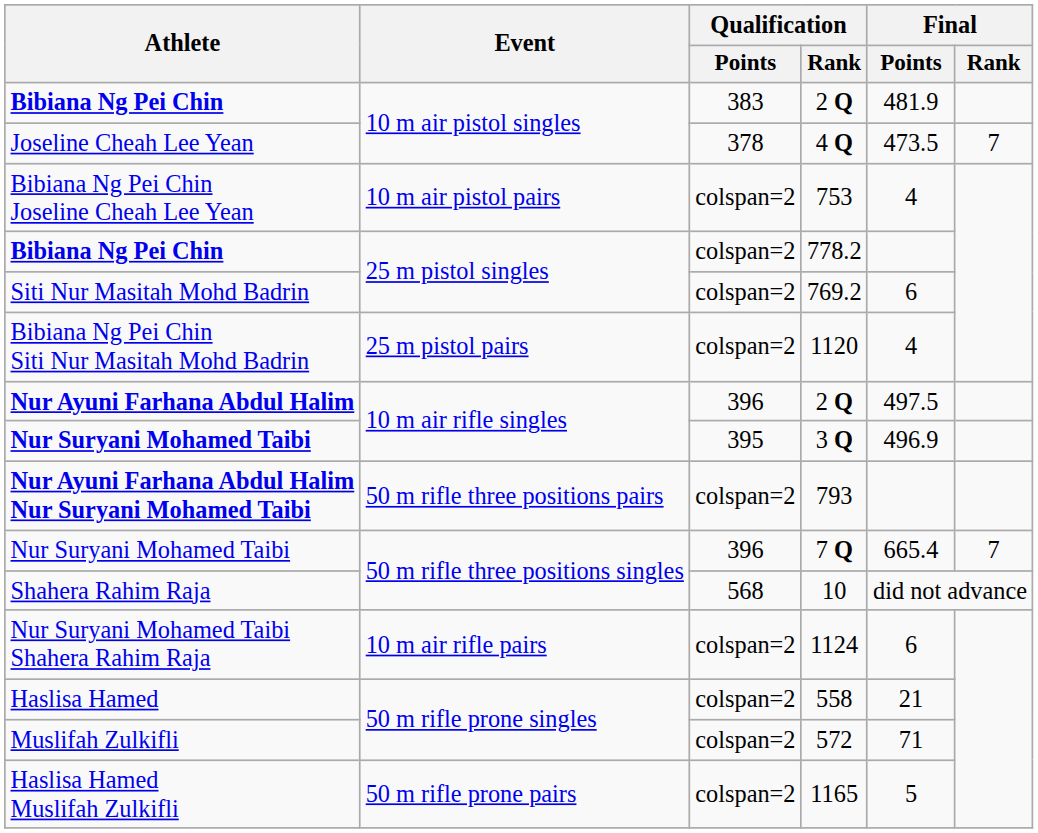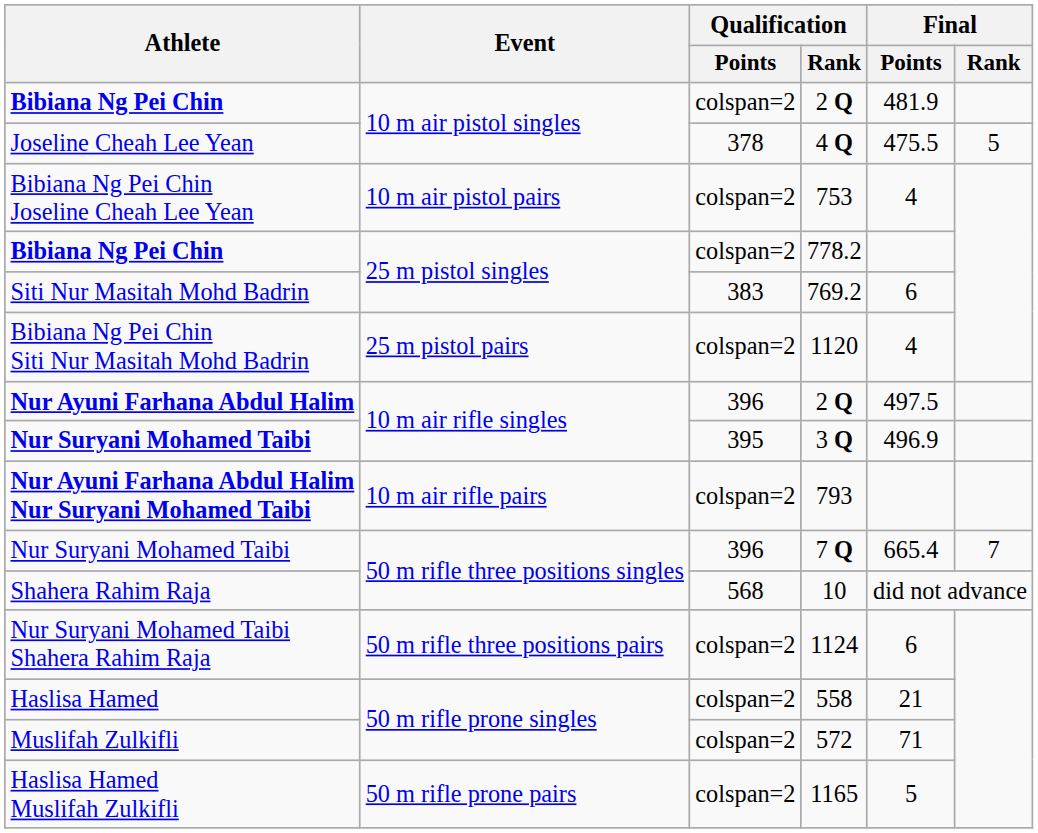 <table class="wikitable" style="font-size:90%;">
 <tr>
 <th rowspan=2>Athlete</th>
 <th rowspan=2>Event</th>
 <th colspan=2>Qualification</th>
 <th colspan=2>Final</th>
 </tr>
 <tr style="font-size:95%">
 <th>Points</th>
 <th>Rank</th>
 <th>Points</th>
 <th>Rank</th>
 </tr>
 <tr align=center>
 <td align=left><strong><a href='#'>Bibiana Ng Pei Chin</a></strong></td>
 <td align=left rowspan=2><a href='#'>10 m air pistol singles</a></td>
-<td>383</td>
+<td>colspan=2 </td>
 <td>2 <strong>Q</strong></td>
 <td>481.9</td>
 <td></td>
 </tr>
 <tr align=center>
 <td align=left><a href='#'>Joseline Cheah Lee Yean</a></td>
 <td>378</td>
 <td>4 <strong>Q</strong></td>
-<td>473.5</td>
-<td>7</td>
+<td>475.5</td>
+<td>5</td>
 </tr>
 <tr align=center>
 <td align=left><a href='#'>Bibiana Ng Pei Chin</a><br><a href='#'>Joseline Cheah Lee Yean</a></td>
 <td align=left><a href='#'>10 m air pistol pairs</a></td>
 <td>colspan=2 </td>
 <td>753</td>
 <td>4</td>
 </tr>
 <tr align=center>
 <td align=left><strong><a href='#'>Bibiana Ng Pei Chin</a></strong></td>
 <td align=left rowspan=2><a href='#'>25 m pistol singles</a></td>
 <td>colspan=2 </td>
 <td>778.2</td>
 <td></td>
 </tr>
 <tr align=center>
 <td align=left><a href='#'>Siti Nur Masitah Mohd Badrin</a></td>
-<td>colspan=2 </td>
+<td>383</td>
 <td>769.2</td>
 <td>6</td>
 </tr>
 <tr align=center>
 <td align=left><a href='#'>Bibiana Ng Pei Chin</a><br><a href='#'>Siti Nur Masitah Mohd Badrin</a></td>
 <td align=left><a href='#'>25 m pistol pairs</a></td>
 <td>colspan=2 </td>
 <td>1120</td>
 <td>4</td>
 </tr>
 <tr align=center>
 <td align=left><strong><a href='#'>Nur Ayuni Farhana Abdul Halim</a></strong></td>
 <td align=left rowspan=2><a href='#'>10 m air rifle singles</a></td>
 <td>396</td>
 <td>2 <strong>Q</strong></td>
 <td>497.5</td>
 <td></td>
 </tr>
 <tr align=center>
 <td align=left><strong><a href='#'>Nur Suryani Mohamed Taibi</a></strong></td>
 <td>395</td>
 <td>3 <strong>Q</strong></td>
 <td>496.9</td>
 <td></td>
 </tr>
 <tr align=center>
 <td align=left><strong><a href='#'>Nur Ayuni Farhana Abdul Halim</a><br><a href='#'>Nur Suryani Mohamed Taibi</a></strong></td>
-<td align=left><a href='#'>50 m rifle three positions pairs</a></td>
+<td align=left><a href='#'>10 m air rifle pairs</a></td>
 <td>colspan=2 </td>
 <td>793</td>
 <td></td>
 </tr>
 <tr align=center>
 <td align=left><a href='#'>Nur Suryani Mohamed Taibi</a></td>
 <td align=left rowspan=2><a href='#'>50 m rifle three positions singles</a></td>
 <td>396</td>
 <td>7 <strong>Q</strong></td>
 <td>665.4</td>
 <td>7</td>
 </tr>
 <tr align=center>
 <td align=left><a href='#'>Shahera Rahim Raja</a></td>
 <td>568</td>
 <td>10</td>
 <td colspan=2>did not advance</td>
 </tr>
 <tr align=center>
 <td align=left><a href='#'>Nur Suryani Mohamed Taibi</a><br><a href='#'>Shahera Rahim Raja</a></td>
-<td align=left><a href='#'>10 m air rifle pairs</a></td>
+<td align=left><a href='#'>50 m rifle three positions pairs</a></td>
 <td>colspan=2 </td>
 <td>1124</td>
 <td>6</td>
 </tr>
 <tr align=center>
 <td align=left><a href='#'>Haslisa Hamed</a></td>
 <td align=left rowspan=2><a href='#'>50 m rifle prone singles</a></td>
 <td>colspan=2 </td>
 <td>558</td>
 <td>21</td>
 </tr>
 <tr align=center>
 <td align=left><a href='#'>Muslifah Zulkifli</a></td>
 <td>colspan=2 </td>
 <td>572</td>
 <td>71</td>
 </tr>
 <tr align=center>
 <td align=left><a href='#'>Haslisa Hamed</a><br><a href='#'>Muslifah Zulkifli</a></td>
 <td align=left><a href='#'>50 m rifle prone pairs</a></td>
 <td>colspan=2 </td>
 <td>1165</td>
 <td>5</td>
 </tr>
 </table>
